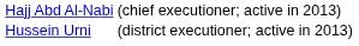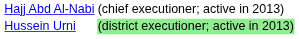 <table>
 <tr>
 <td><a href='#'>Hajj Abd Al-Nabi</a></td>
 <td>(chief executioner; active in 2013)</td>
 </tr>
 <tr>
 <td><a href='#'>Hussein Urni</a></td>
-<td>(district executioner; active in 2013)</td>
+<td style="background: lightgreen;">(district executioner; active in 2013)</td>
 </tr>
 <tr>
 </tr>
 </table>
